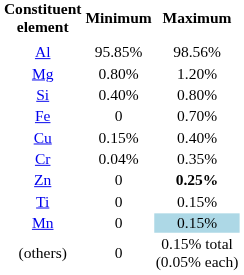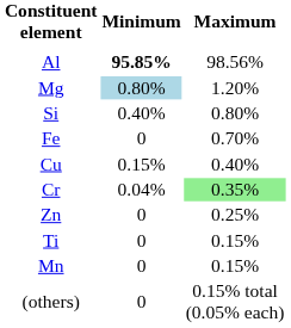 <table style="text-align:center;vertical-align:center;">
 <tr>
 <td><strong>Constituent<br>element</strong></td>
 <td><strong>Minimum</strong><br></td>
 <td><strong>Maximum</strong><br></td>
 </tr>
 <tr>
 <td colspan=3></td>
 </tr>
 <tr>
 <td><a href='#'>Al</a></td>
-<td>95.85%</td>
+<td><strong>95.85%</strong></td>
 <td>98.56%</td>
 </tr>
 <tr>
 <td><a href='#'>Mg</a></td>
-<td>0.80%</td>
+<td style="background: lightblue;">0.80%</td>
 <td>1.20%</td>
 </tr>
 <tr>
 <td><a href='#'>Si</a></td>
 <td>0.40%</td>
 <td>0.80%</td>
 </tr>
 <tr>
 <td><a href='#'>Fe</a></td>
 <td>0</td>
 <td>0.70%</td>
 </tr>
 <tr>
 <td><a href='#'>Cu</a></td>
 <td>0.15%</td>
 <td>0.40%</td>
 </tr>
 <tr>
 <td><a href='#'>Cr</a></td>
 <td>0.04%</td>
-<td>0.35%</td>
+<td style="background: lightgreen;">0.35%</td>
 </tr>
 <tr>
 <td><a href='#'>Zn</a></td>
 <td>0</td>
-<td><strong>0.25%</strong></td>
+<td>0.25%</td>
 </tr>
 <tr>
 <td><a href='#'>Ti</a></td>
 <td>0</td>
 <td>0.15%</td>
 </tr>
 <tr>
 <td><a href='#'>Mn</a></td>
 <td>0</td>
-<td style="background: lightblue;">0.15%</td>
+<td>0.15%</td>
 </tr>
 <tr>
 <td>(others)</td>
 <td>0</td>
 <td>0.15% total<br>(0.05% each)</td>
 </tr>
 </table>
